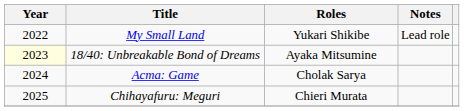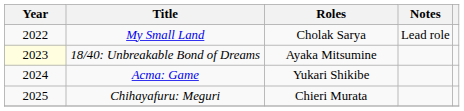 <table class="wikitable" style="text-align:center;">
 <tr>
 <th width="70">Year</th>
 <th width="240">Title</th>
 <th width="160">Roles</th>
 <th>Notes</th>
 <th></th>
 </tr>
 <tr>
 <td>2022</td>
 <td><em><a href='#'>My Small Land</a></em></td>
-<td>Yukari Shikibe</td>
+<td>Cholak Sarya</td>
 <td>Lead role</td>
 <td></td>
 </tr>
 <tr>
 <td style="background: lightyellow;">2023</td>
 <td><em>18/40: Unbreakable Bond of Dreams</em></td>
 <td>Ayaka Mitsumine</td>
 <td></td>
 <td></td>
 </tr>
 <tr>
 <td>2024</td>
 <td><em><a href='#'>Acma: Game</a></em></td>
-<td>Cholak Sarya</td>
+<td>Yukari Shikibe</td>
 <td></td>
 <td></td>
 </tr>
 <tr>
 <td>2025</td>
 <td><em>Chihayafuru: Meguri</em></td>
 <td>Chieri Murata</td>
 <td></td>
 <td></td>
 </tr>
 <tr>
 </tr>
 </table>
